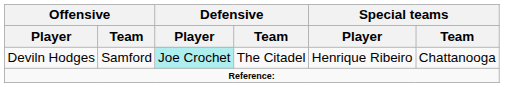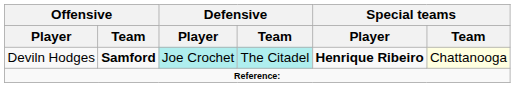 <table class="wikitable" border="1">
 <tr>
 <th colspan="2">Offensive</th>
 <th colspan="2">Defensive</th>
 <th colspan="2">Special teams</th>
 </tr>
 <tr>
 <th>Player</th>
 <th>Team</th>
 <th>Player</th>
 <th>Team</th>
 <th>Player</th>
 <th>Team</th>
 </tr>
 <tr>
 <td>Deviln Hodges</td>
-<td>Samford</td>
+<td><strong>Samford</strong></td>
 <td style="background: paleturquoise;">Joe Crochet</td>
-<td>The Citadel</td>
-<td>Henrique Ribeiro</td>
-<td>Chattanooga</td>
+<td style="background: paleturquoise;">The Citadel</td>
+<td><strong>Henrique Ribeiro</strong></td>
+<td style="background: lightyellow;">Chattanooga</td>
 </tr>
 <tr>
 <td colspan="8" style="font-size: 8pt" align="center"><strong>Reference: </strong></td>
 </tr>
 </table>
